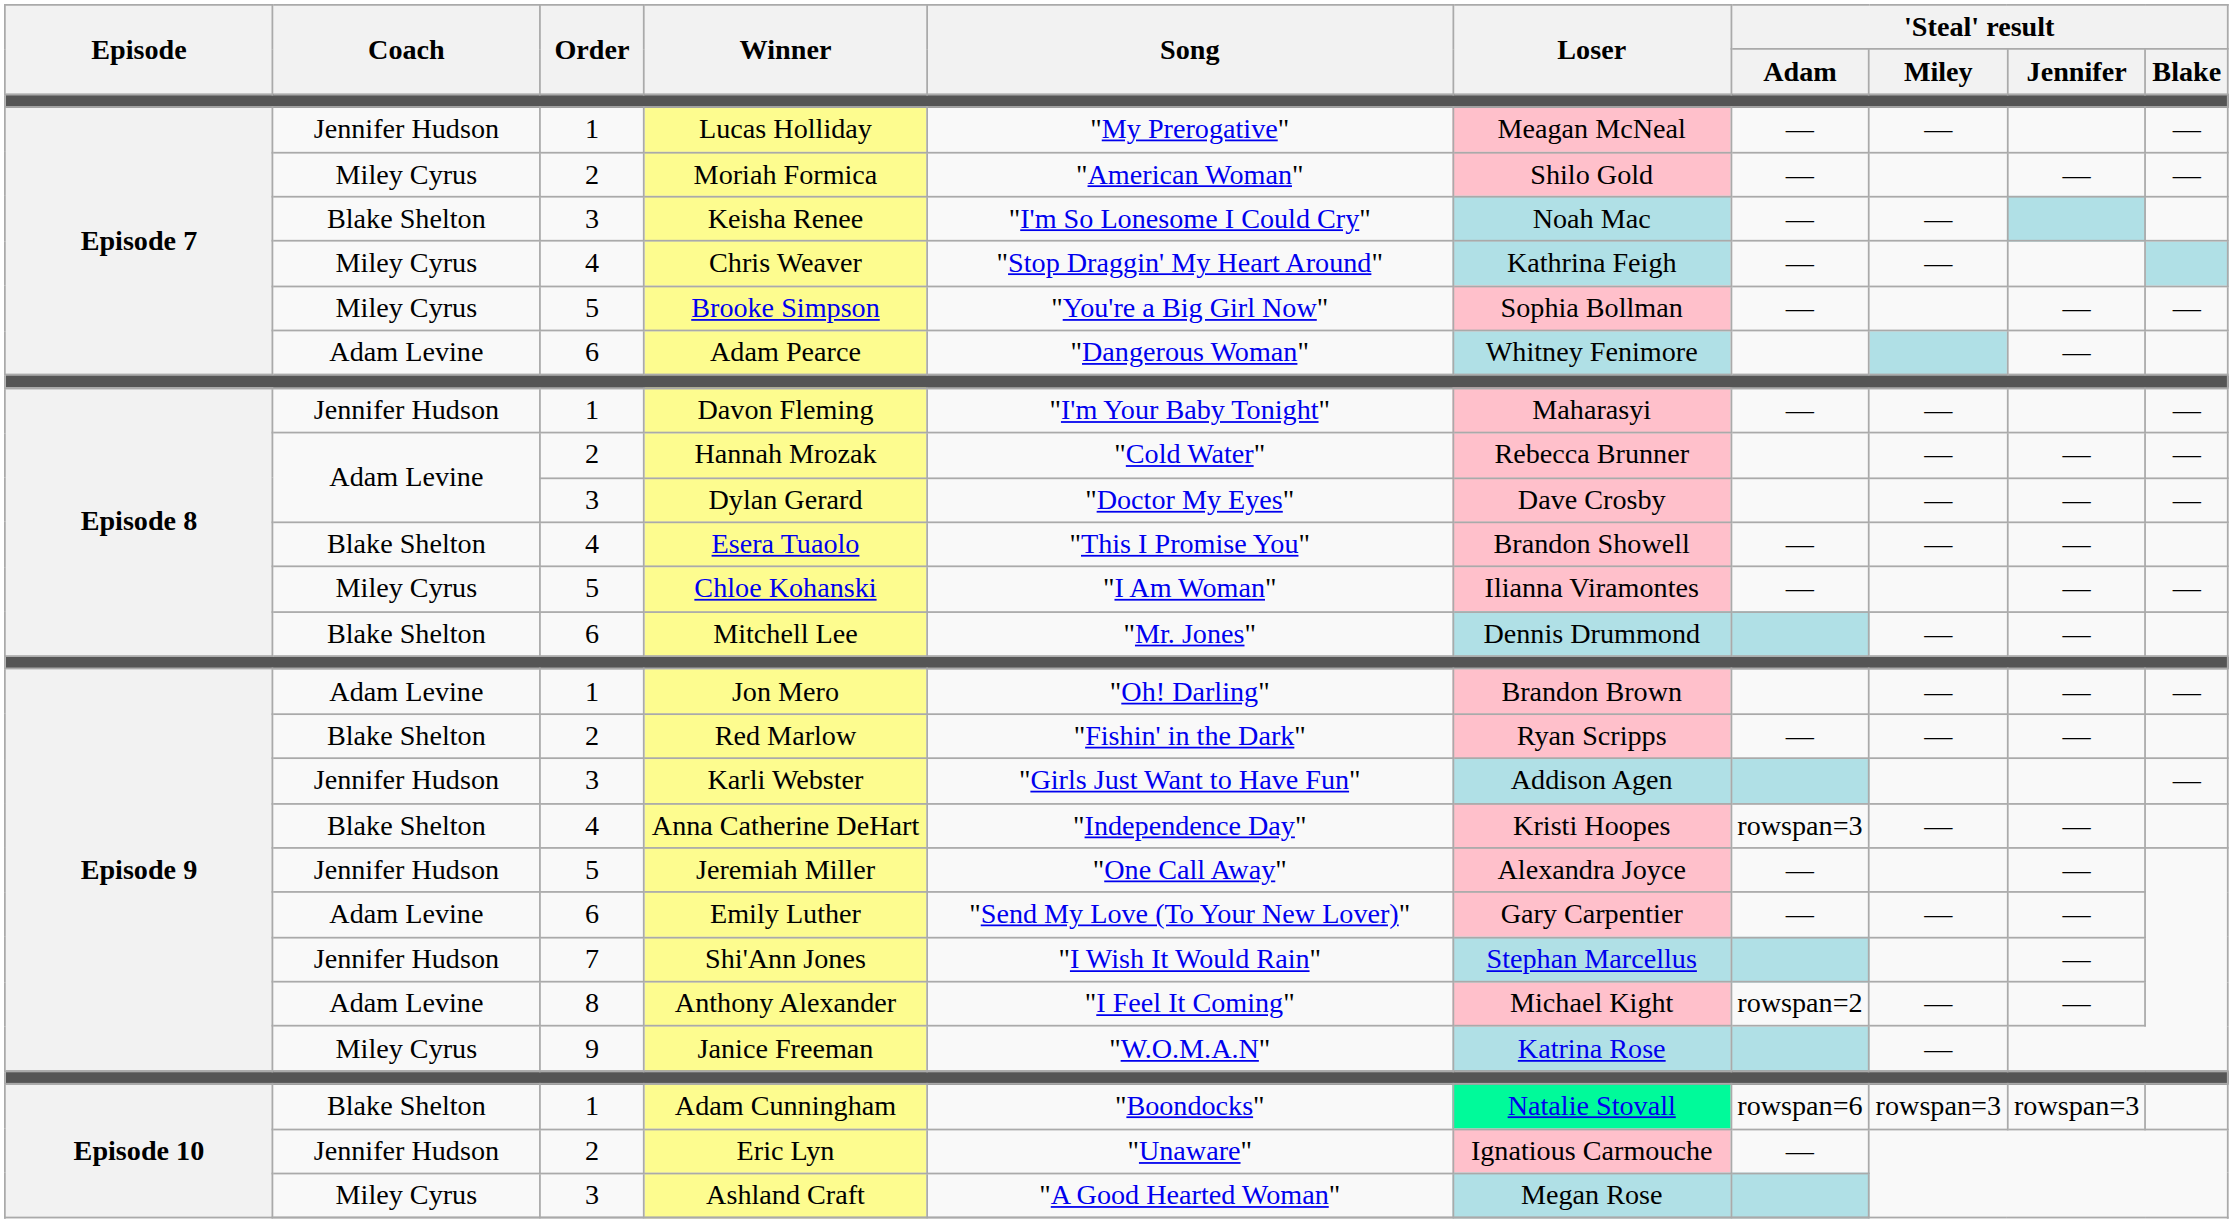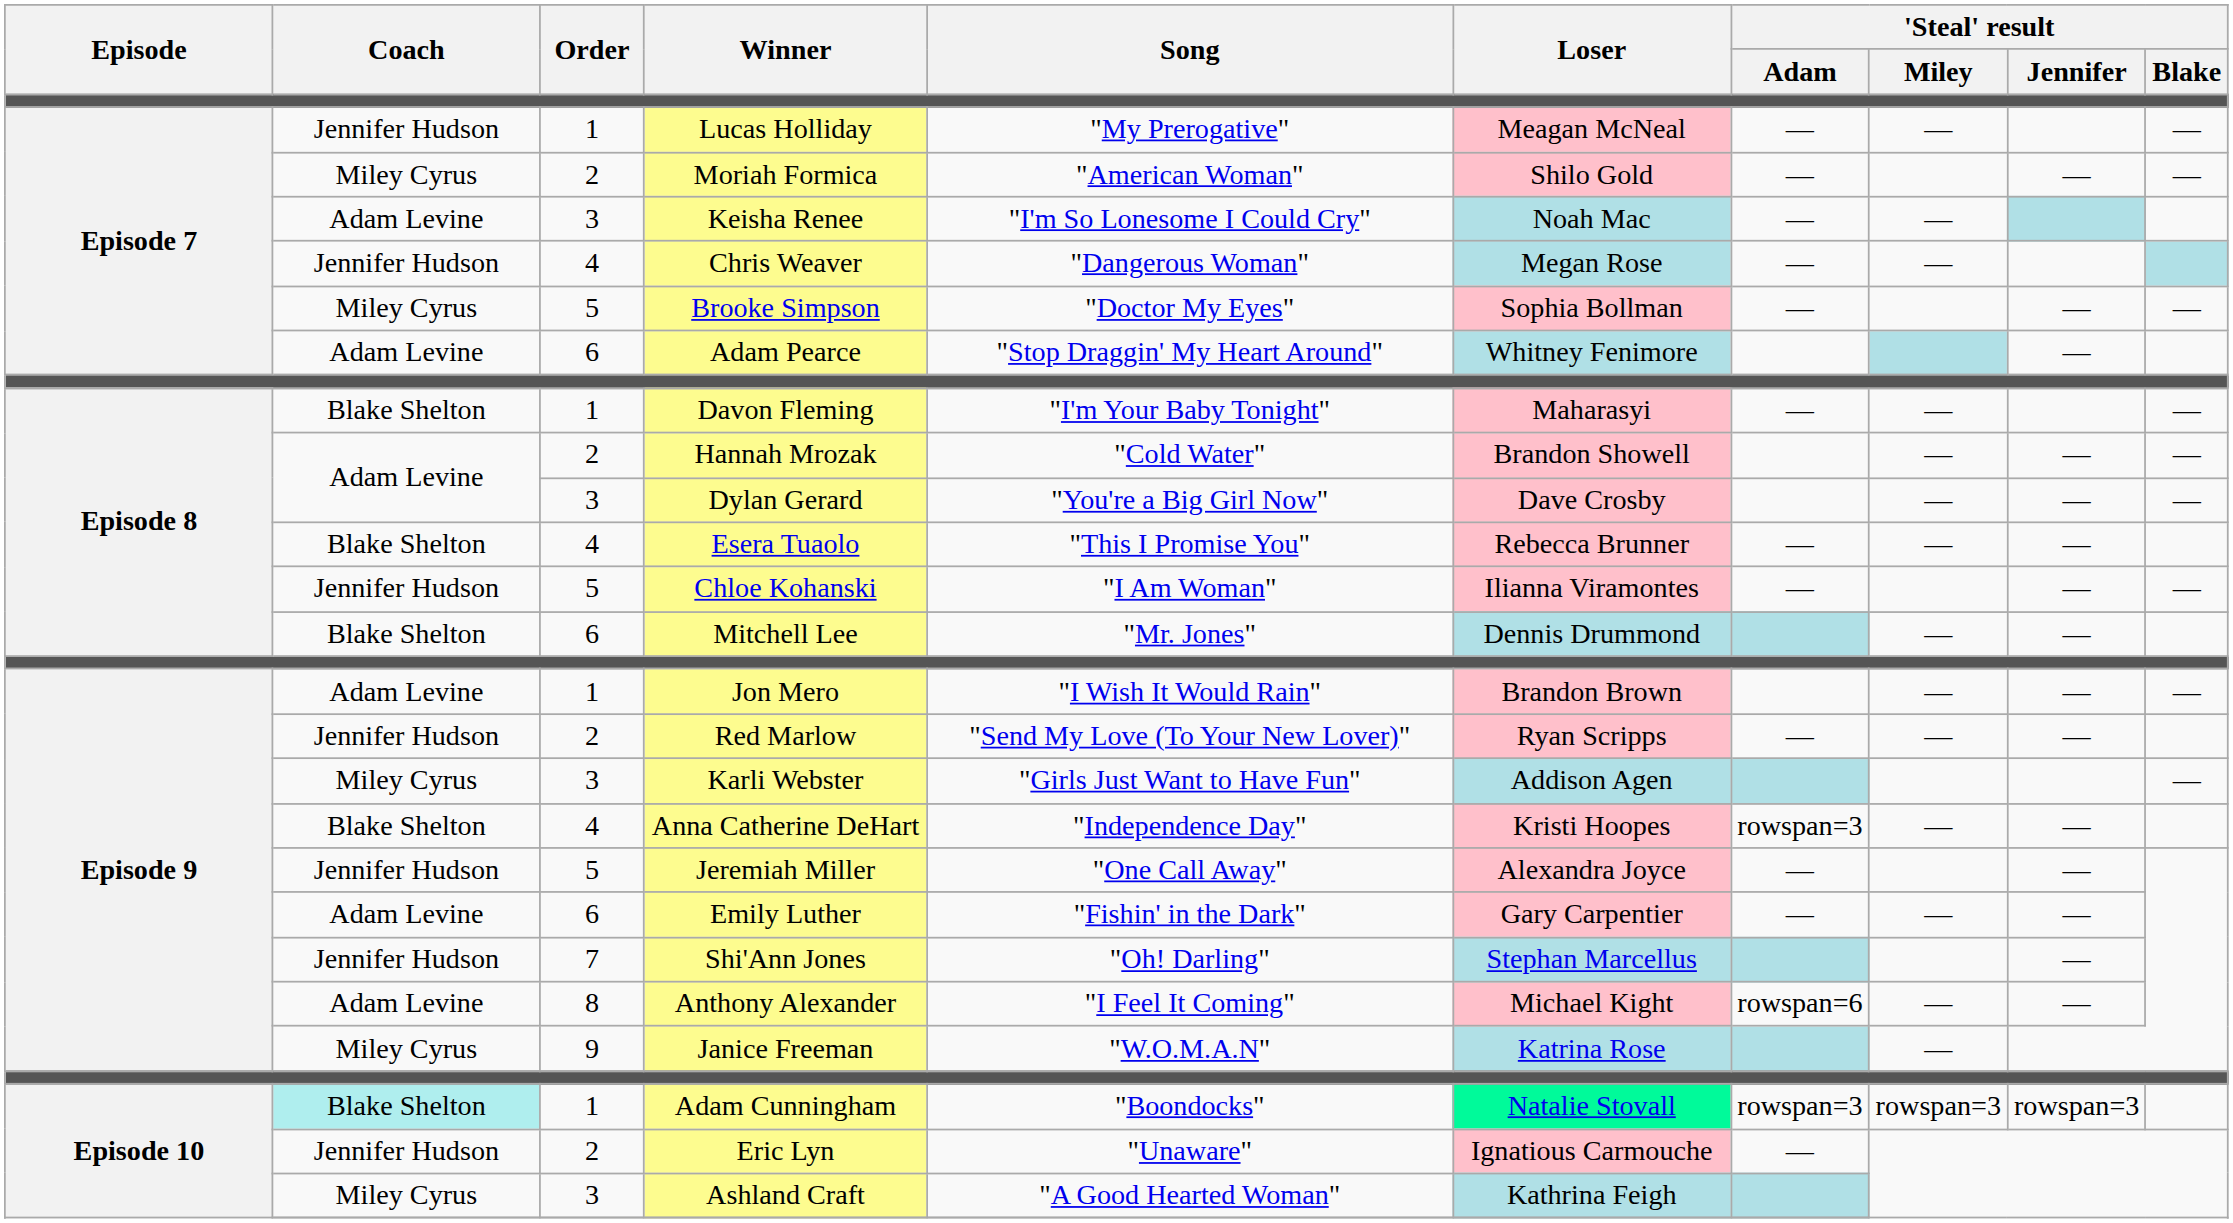 <table class="wikitable" style="text-align: center; width:100%;">
 <tr>
 <th rowspan="2" style="width:15%;">Episode</th>
 <th rowspan="2" style="width:15%;">Coach</th>
 <th rowspan="2" style="width:05%;">Order</th>
 <th rowspan="2" style="width:15%;">Winner</th>
 <th rowspan="2" style="width:30%;">Song</th>
 <th rowspan="2" style="width:15%;">Loser</th>
 <th colspan="4" style="width:20%;">'Steal' result</th>
 </tr>
 <tr>
 <th style="width:05%;">Adam</th>
 <th style="width:05%;">Miley</th>
 <th style="width:05%;">Jennifer</th>
 <th style="width:05%;">Blake</th>
 </tr>
 <tr>
 <td colspan="10" style="background:#555;"></td>
 </tr>
 <tr>
 <th rowspan="6">Episode 7<br><small></small></th>
 <td>Jennifer Hudson</td>
 <td>1</td>
 <td style="background:#fdfc8f;">Lucas Holliday</td>
 <td>"<a href='#'>My Prerogative</a>"</td>
 <td style="background:pink;">Meagan McNeal</td>
 <td>—</td>
 <td>—</td>
 <td></td>
 <td>—</td>
 </tr>
 <tr>
 <td>Miley Cyrus</td>
 <td>2</td>
 <td style="background:#fdfc8f;">Moriah Formica</td>
 <td>"<a href='#'>American Woman</a>"</td>
 <td style="background:pink;">Shilo Gold</td>
 <td>—</td>
 <td></td>
 <td>—</td>
 <td>—</td>
 </tr>
 <tr>
-<td>Blake Shelton</td>
+<td>Adam Levine</td>
 <td>3</td>
 <td style="background:#fdfc8f;">Keisha Renee</td>
 <td>"<a href='#'>I'm So Lonesome I Could Cry</a>"</td>
 <td style="background:#B0E0E6;">Noah Mac</td>
 <td>—</td>
 <td>—</td>
 <td style="background:#B0E0E6;"><strong></strong></td>
 <td></td>
 </tr>
 <tr>
-<td>Miley Cyrus</td>
+<td>Jennifer Hudson</td>
 <td>4</td>
 <td style="background:#fdfc8f;">Chris Weaver</td>
-<td>"<a href='#'>Stop Draggin' My Heart Around</a>"</td>
-<td style="background:#B0E0E6;">Kathrina Feigh</td>
+<td>"<a href='#'>Dangerous Woman</a>"</td>
+<td style="background:#B0E0E6;">Megan Rose</td>
 <td>—</td>
 <td>—</td>
 <td></td>
 <td style="background:#B0E0E6;"><strong></strong></td>
 </tr>
 <tr>
 <td>Miley Cyrus</td>
 <td>5</td>
 <td style="background:#fdfc8f;"><a href='#'>Brooke Simpson</a></td>
-<td>"<a href='#'>You're a Big Girl Now</a>"</td>
+<td>"<a href='#'>Doctor My Eyes</a>"</td>
 <td style="background:pink;">Sophia Bollman</td>
 <td>—</td>
 <td></td>
 <td>—</td>
 <td>—</td>
 </tr>
 <tr>
 <td>Adam Levine</td>
 <td>6</td>
 <td style="background:#fdfc8f;">Adam Pearce</td>
-<td>"<a href='#'>Dangerous Woman</a>"</td>
+<td>"<a href='#'>Stop Draggin' My Heart Around</a>"</td>
 <td style="background:#B0E0E6;">Whitney Fenimore</td>
 <td></td>
 <td style="background:#B0E0E6;"><strong></strong></td>
 <td>—</td>
 <td><strong></strong></td>
 </tr>
 <tr>
 <td colspan="10" style="background:#555;"></td>
 </tr>
 <tr>
 <th rowspan="6">Episode 8<br><small></small></th>
-<td>Jennifer Hudson</td>
+<td>Blake Shelton</td>
 <td>1</td>
 <td style="background:#fdfc8f;">Davon Fleming</td>
 <td>"<a href='#'>I'm Your Baby Tonight</a>"</td>
 <td style="background:pink;">Maharasyi</td>
 <td>—</td>
 <td>—</td>
 <td></td>
 <td>—</td>
 </tr>
 <tr>
 <td rowspan=2>Adam Levine</td>
 <td>2</td>
 <td style="background:#fdfc8f;">Hannah Mrozak</td>
 <td>"<a href='#'>Cold Water</a>"</td>
-<td style="background:pink;">Rebecca Brunner</td>
+<td style="background:pink;">Brandon Showell</td>
 <td></td>
 <td>—</td>
 <td>—</td>
 <td>—</td>
 </tr>
 <tr>
 <td>3</td>
 <td style="background:#fdfc8f;">Dylan Gerard</td>
-<td>"<a href='#'>Doctor My Eyes</a>"</td>
+<td>"<a href='#'>You're a Big Girl Now</a>"</td>
 <td style="background:pink;">Dave Crosby</td>
 <td></td>
 <td>—</td>
 <td>—</td>
 <td>—</td>
 </tr>
 <tr>
 <td>Blake Shelton</td>
 <td>4</td>
 <td style="background:#fdfc8f;"><a href='#'>Esera Tuaolo</a></td>
 <td>"<a href='#'>This I Promise You</a>"</td>
-<td style="background:pink;">Brandon Showell</td>
+<td style="background:pink;">Rebecca Brunner</td>
 <td>—</td>
 <td>—</td>
 <td>—</td>
 <td></td>
 </tr>
 <tr>
-<td>Miley Cyrus</td>
+<td>Jennifer Hudson</td>
 <td>5</td>
 <td style="background:#fdfc8f;"><a href='#'>Chloe Kohanski</a></td>
 <td>"<a href='#'>I Am Woman</a>"</td>
 <td style="background:pink;">Ilianna Viramontes</td>
 <td>—</td>
 <td></td>
 <td>—</td>
 <td>—</td>
 </tr>
 <tr>
 <td>Blake Shelton</td>
 <td>6</td>
 <td style="background:#fdfc8f;">Mitchell Lee</td>
 <td>"<a href='#'>Mr. Jones</a>"</td>
 <td style="background:#B0E0E6;">Dennis Drummond</td>
 <td style="background:#B0E0E6;"><strong></strong></td>
 <td>—</td>
 <td>—</td>
 <td></td>
 </tr>
 <tr>
 <td colspan="10" style="background:#555;"></td>
 </tr>
 <tr>
 <th rowspan="9">Episode 9<br><small></small></th>
 <td>Adam Levine</td>
 <td>1</td>
 <td style="background:#fdfc8f;">Jon Mero</td>
-<td>"<a href='#'>Oh! Darling</a>"</td>
+<td>"<a href='#'>I Wish It Would Rain</a>"</td>
 <td style="background:pink;">Brandon Brown</td>
 <td></td>
 <td>—</td>
 <td>—</td>
 <td>—</td>
 </tr>
 <tr>
-<td>Blake Shelton</td>
+<td>Jennifer Hudson</td>
 <td>2</td>
 <td style="background:#fdfc8f;">Red Marlow</td>
-<td>"<a href='#'>Fishin' in the Dark</a>"</td>
+<td>"<a href='#'>Send My Love (To Your New Lover)</a>"</td>
 <td style="background:pink;">Ryan Scripps</td>
 <td>—</td>
 <td>—</td>
 <td>—</td>
 <td></td>
 </tr>
 <tr>
-<td>Jennifer Hudson</td>
+<td>Miley Cyrus</td>
 <td>3</td>
 <td style="background:#fdfc8f;">Karli Webster</td>
 <td>"<a href='#'>Girls Just Want to Have Fun</a>"</td>
 <td style="background:#B0E0E6;">Addison Agen</td>
 <td style="background:#B0E0E6;"><strong></strong></td>
 <td></td>
 <td><strong></strong></td>
 <td>—</td>
 </tr>
 <tr>
 <td>Blake Shelton</td>
 <td>4</td>
 <td style="background:#fdfc8f;">Anna Catherine DeHart</td>
 <td>"<a href='#'>Independence Day</a>"</td>
 <td style="background:pink;">Kristi Hoopes</td>
 <td>rowspan=3 </td>
 <td>—</td>
 <td>—</td>
 <td></td>
 </tr>
 <tr>
 <td>Jennifer Hudson</td>
 <td>5</td>
 <td style="background:#fdfc8f;">Jeremiah Miller</td>
 <td>"<a href='#'>One Call Away</a>"</td>
 <td style="background:pink;">Alexandra Joyce</td>
 <td>—</td>
 <td></td>
 <td>—</td>
 </tr>
 <tr>
 <td>Adam Levine</td>
 <td>6</td>
 <td style="background:#fdfc8f;">Emily Luther</td>
-<td>"<a href='#'>Send My Love (To Your New Lover)</a>"</td>
+<td>"<a href='#'>Fishin' in the Dark</a>"</td>
 <td style="background:pink;">Gary Carpentier</td>
 <td>—</td>
 <td>—</td>
 <td>—</td>
 </tr>
 <tr>
 <td>Jennifer Hudson</td>
 <td>7</td>
 <td style="background:#fdfc8f;">Shi'Ann Jones</td>
-<td>"<a href='#'>I Wish It Would Rain</a>"</td>
+<td>"<a href='#'>Oh! Darling</a>"</td>
 <td style="background:#B0E0E6;"><a href='#'>Stephan Marcellus</a></td>
 <td style="background:#B0E0E6;"><strong></strong></td>
 <td></td>
 <td>—</td>
 </tr>
 <tr>
 <td>Adam Levine</td>
 <td>8</td>
 <td style="background:#fdfc8f;">Anthony Alexander</td>
 <td>"<a href='#'>I Feel It Coming</a>"</td>
 <td style="background:pink;">Michael Kight</td>
-<td>rowspan=2 </td>
+<td>rowspan=6 </td>
 <td>—</td>
 <td>—</td>
 </tr>
 <tr>
 <td>Miley Cyrus</td>
 <td>9</td>
 <td style="background:#fdfc8f;">Janice Freeman</td>
 <td>"<a href='#'>W.O.M.A.N</a>"</td>
 <td style="background:#B0E0E6;"><a href='#'>Katrina Rose</a></td>
 <td style="background:#B0E0E6;"><strong></strong></td>
 <td>—</td>
 </tr>
 <tr>
 <td colspan="10" style="background:#555;"></td>
 </tr>
 <tr>
 <th rowspan="9">Episode 10<br><small></small></th>
-<td>Blake Shelton</td>
+<td style="background: paleturquoise;">Blake Shelton</td>
 <td>1</td>
 <td style="background:#fdfc8f;">Adam Cunningham</td>
 <td>"<a href='#'>Boondocks</a>"</td>
 <td style="background:#00fa9a;"><a href='#'>Natalie Stovall</a></td>
-<td>rowspan=6 </td>
+<td>rowspan=3 </td>
 <td>rowspan=3 </td>
 <td>rowspan=3 </td>
 <td></td>
 </tr>
 <tr>
 <td>Jennifer Hudson</td>
 <td>2</td>
 <td style="background:#fdfc8f;">Eric Lyn</td>
 <td>"<a href='#'>Unaware</a>"</td>
 <td style="background:pink;">Ignatious Carmouche</td>
 <td>—</td>
 </tr>
 <tr>
 <td>Miley Cyrus</td>
 <td>3</td>
 <td style="background:#fdfc8f;">Ashland Craft</td>
 <td>"<a href='#'>A Good Hearted Woman</a>"</td>
-<td style="background:#B0E0E6;">Megan Rose</td>
+<td style="background:#B0E0E6;">Kathrina Feigh</td>
 <td style="background:#B0E0E6;"><strong></strong></td>
 </tr>
 <tr>
 </tr>
 </table>
